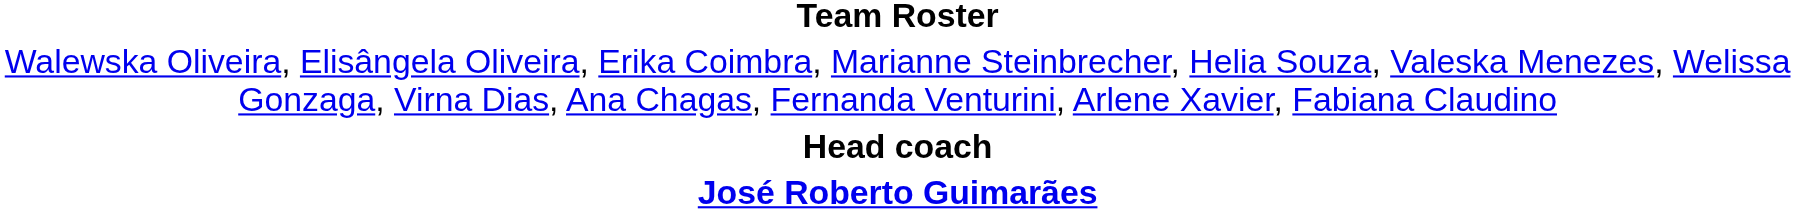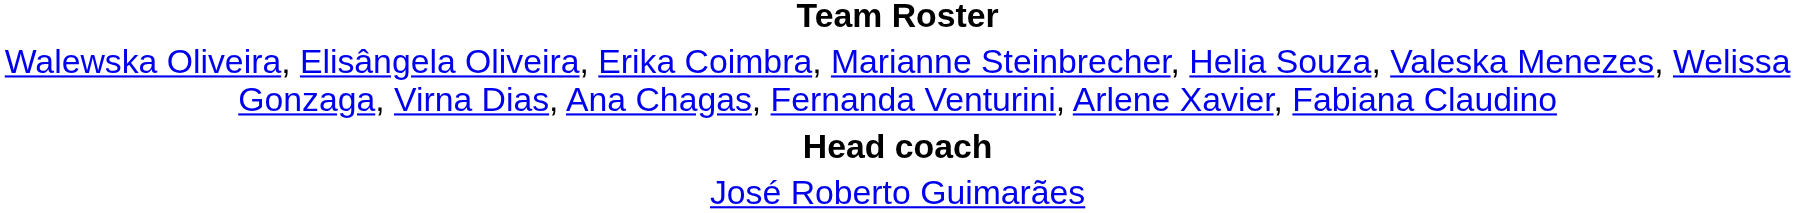 <table style="text-align:center;margin-top:2em;margin-left:auto;margin-right:auto">
 <tr>
 <td><strong>Team Roster</strong></td>
 </tr>
 <tr>
 <td><a href='#'>Walewska Oliveira</a>, <a href='#'>Elisângela Oliveira</a>, <a href='#'>Erika Coimbra</a>, <a href='#'>Marianne Steinbrecher</a>, <a href='#'>Helia Souza</a>, <a href='#'>Valeska Menezes</a>, <a href='#'>Welissa Gonzaga</a>, <a href='#'>Virna Dias</a>, <a href='#'>Ana Chagas</a>, <a href='#'>Fernanda Venturini</a>, <a href='#'>Arlene Xavier</a>, <a href='#'>Fabiana Claudino</a></td>
 </tr>
 <tr>
 <td><strong>Head coach</strong></td>
 </tr>
 <tr>
-<td><strong><a href='#'>José Roberto Guimarães</a></strong></td>
+<td><a href='#'>José Roberto Guimarães</a></td>
 </tr>
 </table>
